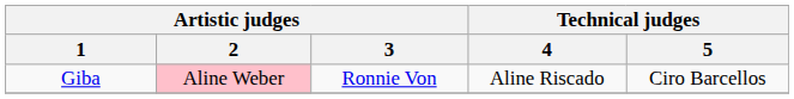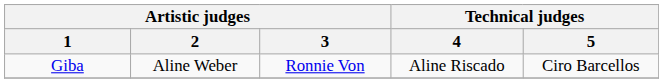 <table class="wikitable" style="font-size:100%; line-height:16px; text-align:center" width="100%">
 <tr>
 <th colspan=3>Artistic judges</th>
 <th colspan=2>Technical judges</th>
 </tr>
 <tr>
 <th>1</th>
 <th>2</th>
 <th>3</th>
 <th>4</th>
 <th>5</th>
 </tr>
 <tr>
 <td width=150><a href='#'>Giba</a></td>
-<td width=150 style="background: pink;">Aline Weber</td>
+<td width=150>Aline Weber</td>
 <td width=150><a href='#'>Ronnie Von</a></td>
 <td width=150>Aline Riscado</td>
 <td width=150>Ciro Barcellos</td>
 </tr>
 <tr>
 </tr>
 </table>
